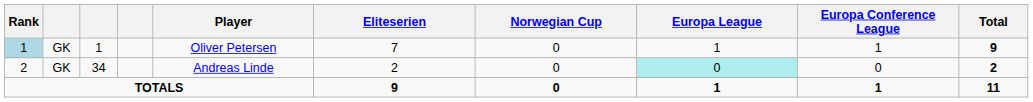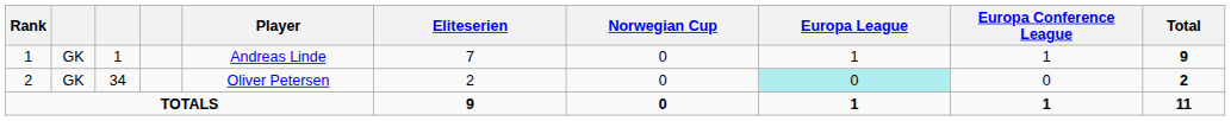 <table class="wikitable" style="font-size: 95%; text-align: center;">
 <tr>
 <th width=40>Rank</th>
 <th width=40></th>
 <th width=40></th>
 <th width=40></th>
 <th width=200>Player</th>
 <th width=200><a href='#'>Eliteserien</a></th>
 <th width=200><a href='#'>Norwegian Cup</a></th>
 <th width=200><a href='#'>Europa League</a></th>
 <th width=200><a href='#'>Europa Conference League</a></th>
 <th width=80><strong>Total</strong></th>
 </tr>
 <tr>
-<td style="background: lightblue;">1</td>
+<td>1</td>
 <td>GK</td>
 <td>1</td>
 <td></td>
-<td><a href='#'>Oliver Petersen</a></td>
+<td><a href='#'>Andreas Linde</a></td>
 <td>7</td>
 <td>0</td>
 <td>1</td>
 <td>1</td>
 <td><strong>9</strong></td>
 </tr>
 <tr>
 <td>2</td>
 <td>GK</td>
 <td>34</td>
 <td></td>
-<td><a href='#'>Andreas Linde</a></td>
+<td><a href='#'>Oliver Petersen</a></td>
 <td>2</td>
 <td>0</td>
 <td style="background: paleturquoise;">0</td>
 <td>0</td>
 <td><strong>2</strong></td>
 </tr>
 <tr>
 <td colspan="5"><strong>TOTALS</strong></td>
 <td><strong>9</strong></td>
 <td><strong>0</strong></td>
 <td><strong>1</strong></td>
 <td><strong>1</strong></td>
 <td><strong>11</strong></td>
 </tr>
 </table>
